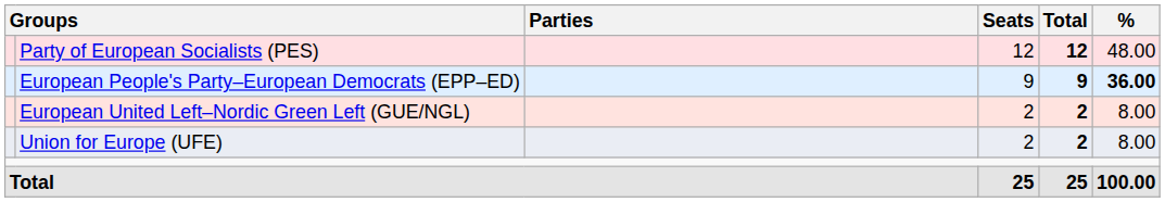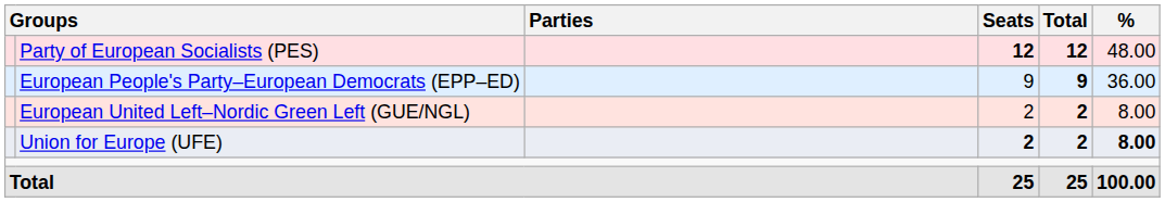 <table class="wikitable" style="text-align:right; font-size:95%; margin-bottom:0">
 <tr>
 <th style="text-align:left;" colspan="2" width="375">Groups</th>
 <th style="text-align:left;" width="350">Parties</th>
 <th width="35">Seats</th>
 <th width="35">Total</th>
 <th width="45">%</th>
 </tr>
 <tr style="background:#FFDFE3;">
 <td style="color:inherit;background:"></td>
 <td align="left"><a href='#'>Party of European Socialists</a> (PES)</td>
 <td align="left"></td>
-<td>12</td>
+<td><strong>12</strong></td>
 <td><strong>12</strong></td>
 <td>48.00</td>
 </tr>
 <tr style="background:#DFEFFF;">
 <td width="1" style="color:inherit;background:"></td>
 <td align="left"><a href='#'>European People's Party–European Democrats</a> (EPP–ED)</td>
 <td align="left"></td>
 <td>9</td>
 <td><strong>9</strong></td>
-<td><strong>36.00</strong></td>
+<td>36.00</td>
 </tr>
 <tr style="background:#FFE3DF;">
 <td style="color:inherit;background:"></td>
 <td align="left"><a href='#'>European United Left–Nordic Green Left</a> (GUE/NGL)</td>
 <td align="left"></td>
 <td>2</td>
 <td><strong>2</strong></td>
 <td>8.00</td>
 </tr>
 <tr style="background:#EAEDF4;">
 <td style="color:inherit;background:"></td>
 <td align="left"><a href='#'>Union for Europe</a> (UFE)</td>
 <td align="left"></td>
-<td>2</td>
 <td><strong>2</strong></td>
-<td>8.00</td>
+<td><strong>2</strong></td>
+<td><strong>8.00</strong></td>
 </tr>
 <tr>
 <td colspan="6"></td>
 </tr>
 <tr style="background:#E4E4E4; font-weight:bold;">
 <td align="left" colspan="3">Total</td>
 <td>25</td>
 <td>25</td>
 <td>100.00</td>
 </tr>
 </table>
